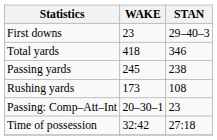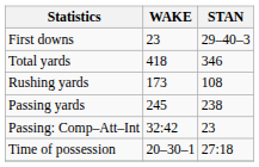 <table class="wikitable" style="float: left;">
 <tr>
 <th>Statistics</th>
 <th>WAKE</th>
 <th>STAN</th>
 </tr>
 <tr>
 <td>First downs</td>
 <td>23</td>
 <td>29–40–3</td>
 </tr>
 <tr>
 <td>Total yards</td>
 <td>418</td>
 <td>346</td>
 </tr>
 <tr>
+<td>Rushing yards</td>
+<td>173</td>
+<td>108</td>
+</tr>
+<tr>
 <td>Passing yards</td>
 <td>245</td>
 <td>238</td>
 </tr>
 <tr>
-<td>Rushing yards</td>
-<td>173</td>
-<td>108</td>
-</tr>
-<tr>
 <td>Passing: Comp–Att–Int</td>
-<td>20–30–1</td>
+<td>32:42</td>
 <td>23</td>
 </tr>
 <tr>
 <td>Time of possession</td>
-<td>32:42</td>
+<td>20–30–1</td>
 <td>27:18</td>
 </tr>
 <tr>
 </tr>
 </table>
